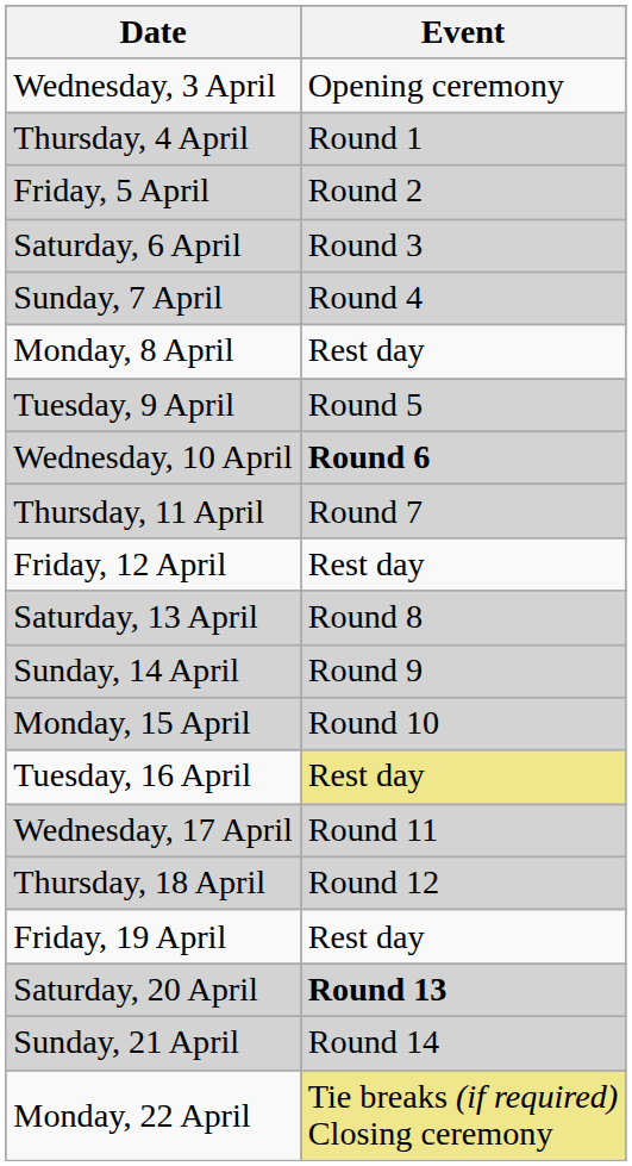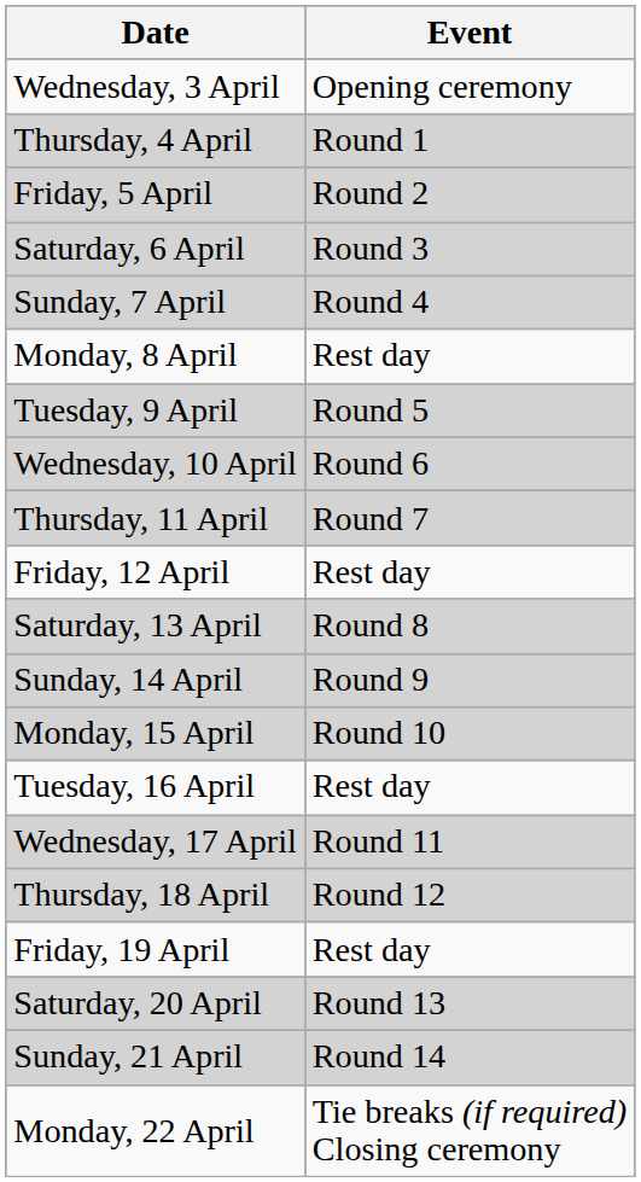 <table class="wikitable">
 <tr>
 <th>Date</th>
 <th>Event</th>
 </tr>
 <tr>
 <td>Wednesday, 3 April</td>
 <td>Opening ceremony</td>
 </tr>
 <tr style="background:lightgray">
 <td>Thursday, 4 April</td>
 <td>Round 1</td>
 </tr>
 <tr style="background:lightgray">
 <td>Friday, 5 April</td>
 <td>Round 2</td>
 </tr>
 <tr style="background:lightgray">
 <td>Saturday, 6 April</td>
 <td>Round 3</td>
 </tr>
 <tr style="background:lightgray">
 <td>Sunday, 7 April</td>
 <td>Round 4</td>
 </tr>
 <tr>
 <td>Monday, 8 April</td>
 <td>Rest day</td>
 </tr>
 <tr style="background:lightgray">
 <td>Tuesday, 9 April</td>
 <td>Round 5</td>
 </tr>
 <tr style="background:lightgray">
 <td>Wednesday, 10 April</td>
-<td><strong>Round 6</strong></td>
+<td>Round 6</td>
 </tr>
 <tr style="background:lightgray">
 <td>Thursday, 11 April</td>
 <td>Round 7</td>
 </tr>
 <tr>
 <td>Friday, 12 April</td>
 <td>Rest day</td>
 </tr>
 <tr style="background:lightgray">
 <td>Saturday, 13 April</td>
 <td>Round 8</td>
 </tr>
 <tr style="background:lightgray">
 <td>Sunday, 14 April</td>
 <td>Round 9</td>
 </tr>
 <tr style="background:lightgray">
 <td>Monday, 15 April</td>
 <td>Round 10</td>
 </tr>
 <tr>
 <td>Tuesday, 16 April</td>
-<td style="background: khaki;">Rest day</td>
+<td>Rest day</td>
 </tr>
 <tr style="background:lightgray">
 <td>Wednesday, 17 April</td>
 <td>Round 11</td>
 </tr>
 <tr style="background:lightgray">
 <td>Thursday, 18 April</td>
 <td>Round 12</td>
 </tr>
 <tr>
 <td>Friday, 19 April</td>
 <td>Rest day</td>
 </tr>
 <tr style="background:lightgray">
 <td>Saturday, 20 April</td>
-<td><strong>Round 13</strong></td>
+<td>Round 13</td>
 </tr>
 <tr style="background:lightgray">
 <td>Sunday, 21 April</td>
 <td>Round 14</td>
 </tr>
 <tr>
 <td>Monday, 22 April</td>
-<td style="background: khaki;">Tie breaks <em>(if required)</em> <br> Closing ceremony</td>
+<td>Tie breaks <em>(if required)</em> <br> Closing ceremony</td>
 </tr>
 </table>
